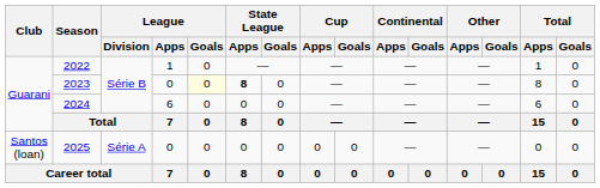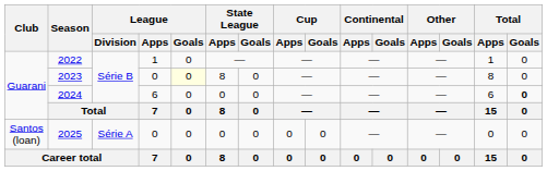 <table class="wikitable" style="text-align: center;">
 <tr>
 <th rowspan="2">Club</th>
 <th rowspan="2">Season</th>
 <th colspan="3">League</th>
 <th colspan="2">State League</th>
 <th colspan="2">Cup</th>
 <th colspan="2">Continental</th>
 <th colspan="2">Other</th>
 <th colspan="2">Total</th>
 </tr>
 <tr>
 <th>Division</th>
 <th>Apps</th>
 <th>Goals</th>
 <th>Apps</th>
 <th>Goals</th>
 <th>Apps</th>
 <th>Goals</th>
 <th>Apps</th>
 <th>Goals</th>
 <th>Apps</th>
 <th>Goals</th>
 <th>Apps</th>
 <th>Goals</th>
 </tr>
 <tr>
 <td rowspan="4" valign="center"><a href='#'>Guarani</a></td>
 <td><a href='#'>2022</a></td>
 <td rowspan="3"><a href='#'>Série B</a></td>
 <td>1</td>
 <td>0</td>
 <td colspan="2">—</td>
 <td colspan="2">—</td>
 <td colspan="2">—</td>
 <td colspan="2">—</td>
 <td>1</td>
 <td>0</td>
 </tr>
 <tr>
 <td><a href='#'>2023</a></td>
 <td>0</td>
 <td style="background: lightyellow;">0</td>
-<td><strong>8</strong></td>
+<td>8</td>
 <td>0</td>
 <td colspan="2">—</td>
 <td colspan="2">—</td>
 <td colspan="2">—</td>
 <td>8</td>
 <td>0</td>
 </tr>
 <tr>
 <td><a href='#'>2024</a></td>
 <td>6</td>
 <td>0</td>
 <td>0</td>
 <td>0</td>
 <td colspan="2">—</td>
 <td colspan="2">—</td>
 <td colspan="2">—</td>
 <td>6</td>
-<td>0</td>
+<td><strong>0</strong></td>
 </tr>
 <tr>
 <th colspan="2">Total</th>
 <th>7</th>
 <th>0</th>
 <th>8</th>
 <th>0</th>
 <th colspan="2">—</th>
 <th colspan="2">—</th>
 <th colspan="2">—</th>
 <th>15</th>
 <th>0</th>
 </tr>
 <tr>
 <td valign="center"><a href='#'>Santos</a> (loan)</td>
 <td><a href='#'>2025</a></td>
 <td><a href='#'>Série A</a></td>
 <td>0</td>
 <td>0</td>
 <td>0</td>
 <td>0</td>
 <td>0</td>
 <td>0</td>
 <td colspan="2">—</td>
 <td colspan="2">—</td>
 <td>0</td>
 <td>0</td>
 </tr>
 <tr>
 <th colspan="3"><strong>Career total</strong></th>
 <th>7</th>
 <th>0</th>
 <th>8</th>
 <th>0</th>
 <th>0</th>
 <th>0</th>
 <th>0</th>
 <th>0</th>
 <th>0</th>
 <th>0</th>
 <th>15</th>
 <th>0</th>
 </tr>
 </table>
